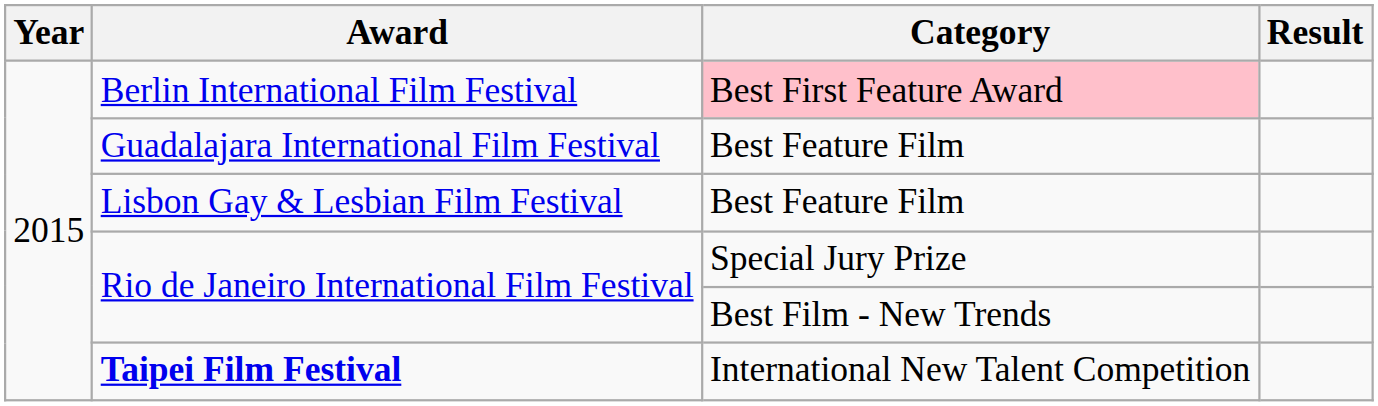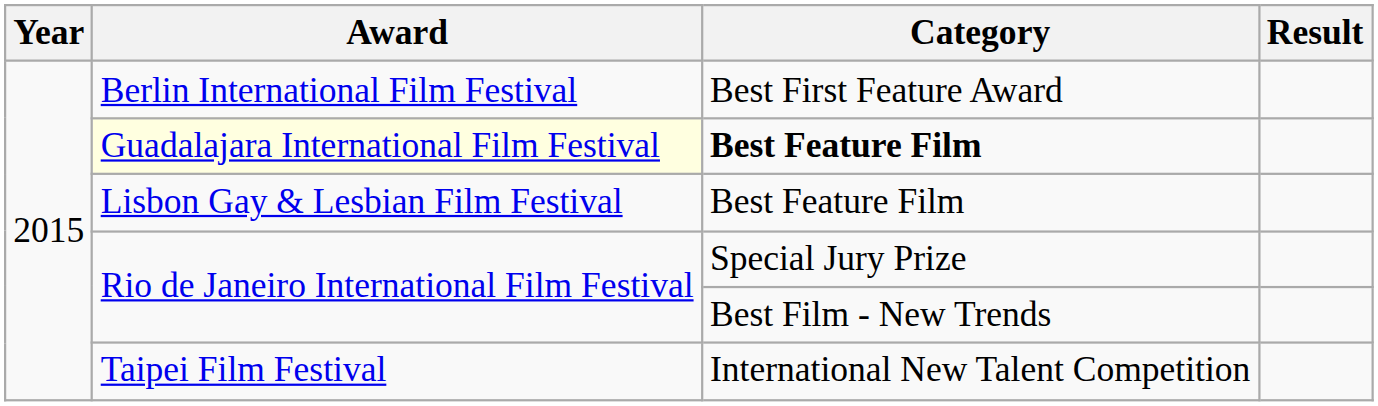 <table class="wikitable">
 <tr>
 <th>Year</th>
 <th>Award</th>
 <th>Category</th>
 <th>Result</th>
 </tr>
 <tr>
 <td rowspan="6">2015</td>
 <td><a href='#'>Berlin International Film Festival</a></td>
-<td style="background: pink;">Best First Feature Award</td>
+<td>Best First Feature Award</td>
 <td></td>
 </tr>
 <tr>
-<td><a href='#'>Guadalajara International Film Festival</a></td>
-<td>Best Feature Film</td>
+<td style="background: lightyellow;"><a href='#'>Guadalajara International Film Festival</a></td>
+<td><strong>Best Feature Film</strong></td>
 <td></td>
 </tr>
 <tr>
 <td><a href='#'>Lisbon Gay & Lesbian Film Festival</a></td>
 <td>Best Feature Film</td>
 <td></td>
 </tr>
 <tr>
 <td rowspan="2"><a href='#'>Rio de Janeiro International Film Festival</a></td>
 <td>Special Jury Prize</td>
 <td></td>
 </tr>
 <tr>
 <td>Best Film - New Trends</td>
 <td></td>
 </tr>
 <tr>
-<td><strong><a href='#'>Taipei Film Festival</a></strong></td>
+<td><a href='#'>Taipei Film Festival</a></td>
 <td>International New Talent Competition</td>
 <td></td>
 </tr>
 </table>
